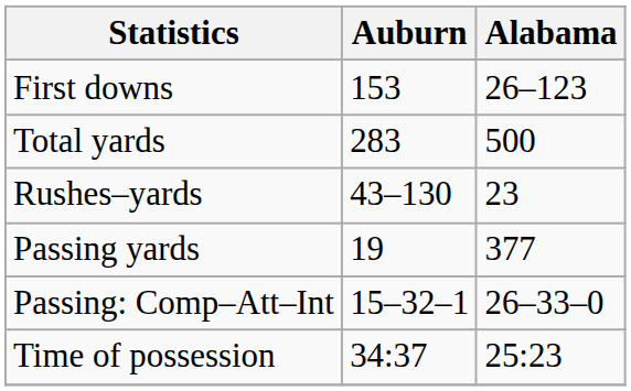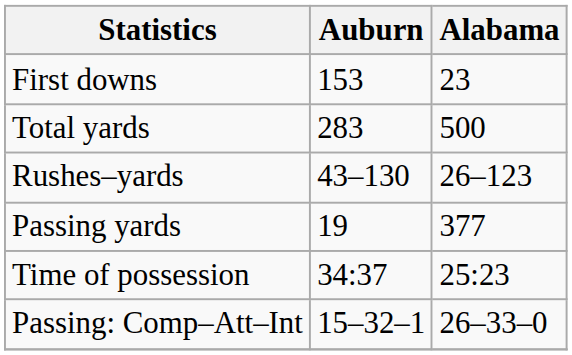 <table class="wikitable" style="float: left;">
 <tr>
 <th>Statistics</th>
 <th>Auburn</th>
 <th>Alabama</th>
 </tr>
 <tr>
 <td>First downs</td>
 <td>153</td>
-<td>26–123</td>
+<td>23</td>
 </tr>
 <tr>
 <td>Total yards</td>
 <td>283</td>
 <td>500</td>
 </tr>
 <tr>
 <td>Rushes–yards</td>
 <td>43–130</td>
-<td>23</td>
+<td>26–123</td>
 </tr>
 <tr>
 <td>Passing yards</td>
 <td>19</td>
 <td>377</td>
 </tr>
 <tr>
+<td>Time of possession</td>
+<td>34:37</td>
+<td>25:23</td>
+</tr>
+<tr>
 <td>Passing: Comp–Att–Int</td>
 <td>15–32–1</td>
 <td>26–33–0</td>
 </tr>
 <tr>
-<td>Time of possession</td>
-<td>34:37</td>
-<td>25:23</td>
-</tr>
-<tr>
 </tr>
 </table>
